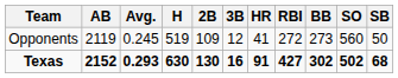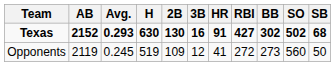 <table class="wikitable sortable">
 <tr>
 <th>Team</th>
 <th>AB</th>
 <th>Avg.</th>
 <th>H</th>
 <th>2B</th>
 <th>3B</th>
 <th>HR</th>
 <th>RBI</th>
 <th>BB</th>
 <th>SO</th>
 <th>SB</th>
 </tr>
+<tr style="text-align:center; font-weight: bold;">
+<td>Texas</td>
+<td>2152</td>
+<td>0.293</td>
+<td>630</td>
+<td>130</td>
+<td>16</td>
+<td>91</td>
+<td>427</td>
+<td>302</td>
+<td>502</td>
+<td>68</td>
+</tr>
 <tr style="text-align:center;">
 <td>Opponents</td>
 <td>2119</td>
 <td>0.245</td>
 <td>519</td>
 <td>109</td>
 <td>12</td>
 <td>41</td>
 <td>272</td>
 <td>273</td>
 <td>560</td>
 <td>50</td>
 </tr>
-<tr style="text-align:center; font-weight: bold;">
-<td>Texas</td>
-<td>2152</td>
-<td>0.293</td>
-<td>630</td>
-<td>130</td>
-<td>16</td>
-<td>91</td>
-<td>427</td>
-<td>302</td>
-<td>502</td>
-<td>68</td>
-</tr>
 </table>
